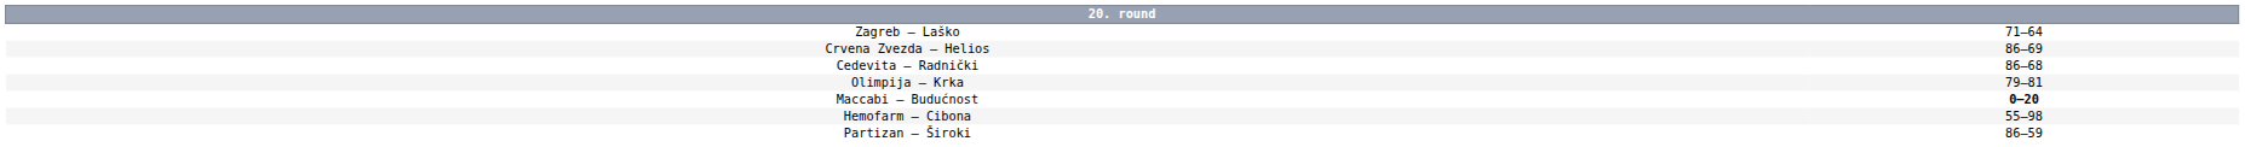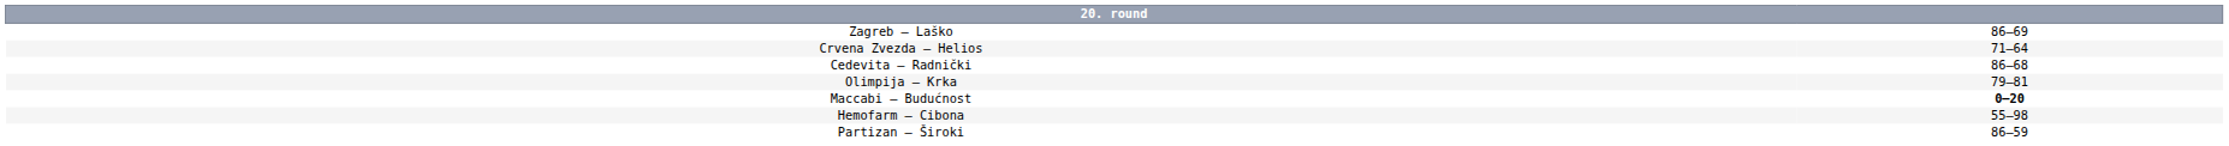 <table border=0 cellspacing=0 cellpadding=1em style="font-size: 85%; border-collapse: collapse;" width=100%>
 <tr>
 <td colspan=5 bgcolor=#98A1B2 style="border:1px solid #7A8392; text-align:center; color:#FFFFFF;"><strong>20. round</strong></td>
 </tr>
 <tr style="text-align:center; background:#FFFFFF">
 <td>Zagreb – Laško</td>
-<td>71–64</td>
+<td>86–69</td>
 </tr>
 <tr align=center bgcolor=#f5f5f5>
 <td>Crvena Zvezda – Helios</td>
-<td>86–69</td>
+<td>71–64</td>
 </tr>
 <tr style="text-align:center; background:#FFFFFF">
 <td>Cedevita – Radnički</td>
 <td>86–68</td>
 </tr>
 <tr align=center bgcolor=#f5f5f5>
 <td>Olimpija – Krka</td>
 <td>79–81</td>
 </tr>
 <tr style="text-align:center; background:#FFFFFF">
 <td>Maccabi – Budućnost</td>
 <td><strong>0–20</strong></td>
 </tr>
 <tr align=center bgcolor=#f5f5f5>
 <td>Hemofarm – Cibona</td>
 <td>55–98</td>
 </tr>
 <tr style="text-align:center; background:#FFFFFF">
 <td>Partizan – Široki</td>
 <td>86–59</td>
 </tr>
 </table>
